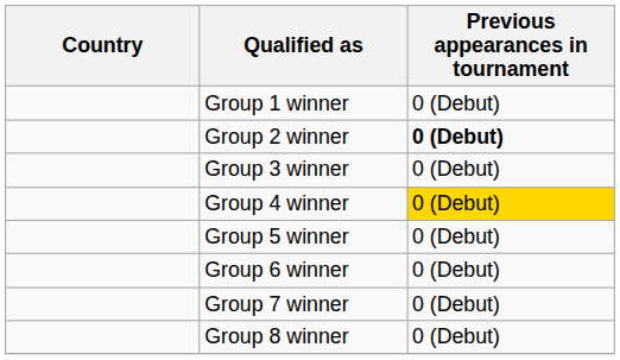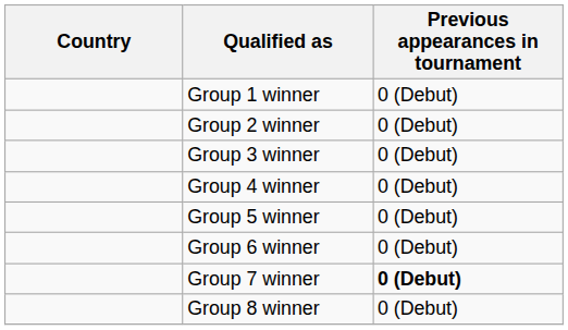 <table class="wikitable sortable">
 <tr>
 <th scope="col" width="140">Country</th>
 <th scope="col" width="150">Qualified as</th>
 <th scope="col" width="150">Previous appearances in tournament</th>
 </tr>
 <tr>
 <td></td>
 <td>Group 1 winner</td>
 <td>0 (Debut)</td>
 </tr>
 <tr>
 <td></td>
 <td>Group 2 winner</td>
-<td><strong>0 (Debut)</strong></td>
+<td>0 (Debut)</td>
 </tr>
 <tr>
 <td></td>
 <td>Group 3 winner</td>
 <td>0 (Debut)</td>
 </tr>
 <tr>
 <td></td>
 <td>Group 4 winner</td>
-<td style="background: gold;">0 (Debut)</td>
+<td>0 (Debut)</td>
 </tr>
 <tr>
 <td></td>
 <td>Group 5 winner</td>
 <td>0 (Debut)</td>
 </tr>
 <tr>
 <td></td>
 <td>Group 6 winner</td>
 <td>0 (Debut)</td>
 </tr>
 <tr>
 <td></td>
 <td>Group 7 winner</td>
-<td>0 (Debut)</td>
+<td><strong>0 (Debut)</strong></td>
 </tr>
 <tr>
 <td></td>
 <td>Group 8 winner</td>
 <td>0 (Debut)</td>
 </tr>
 <tr>
 </tr>
 </table>
